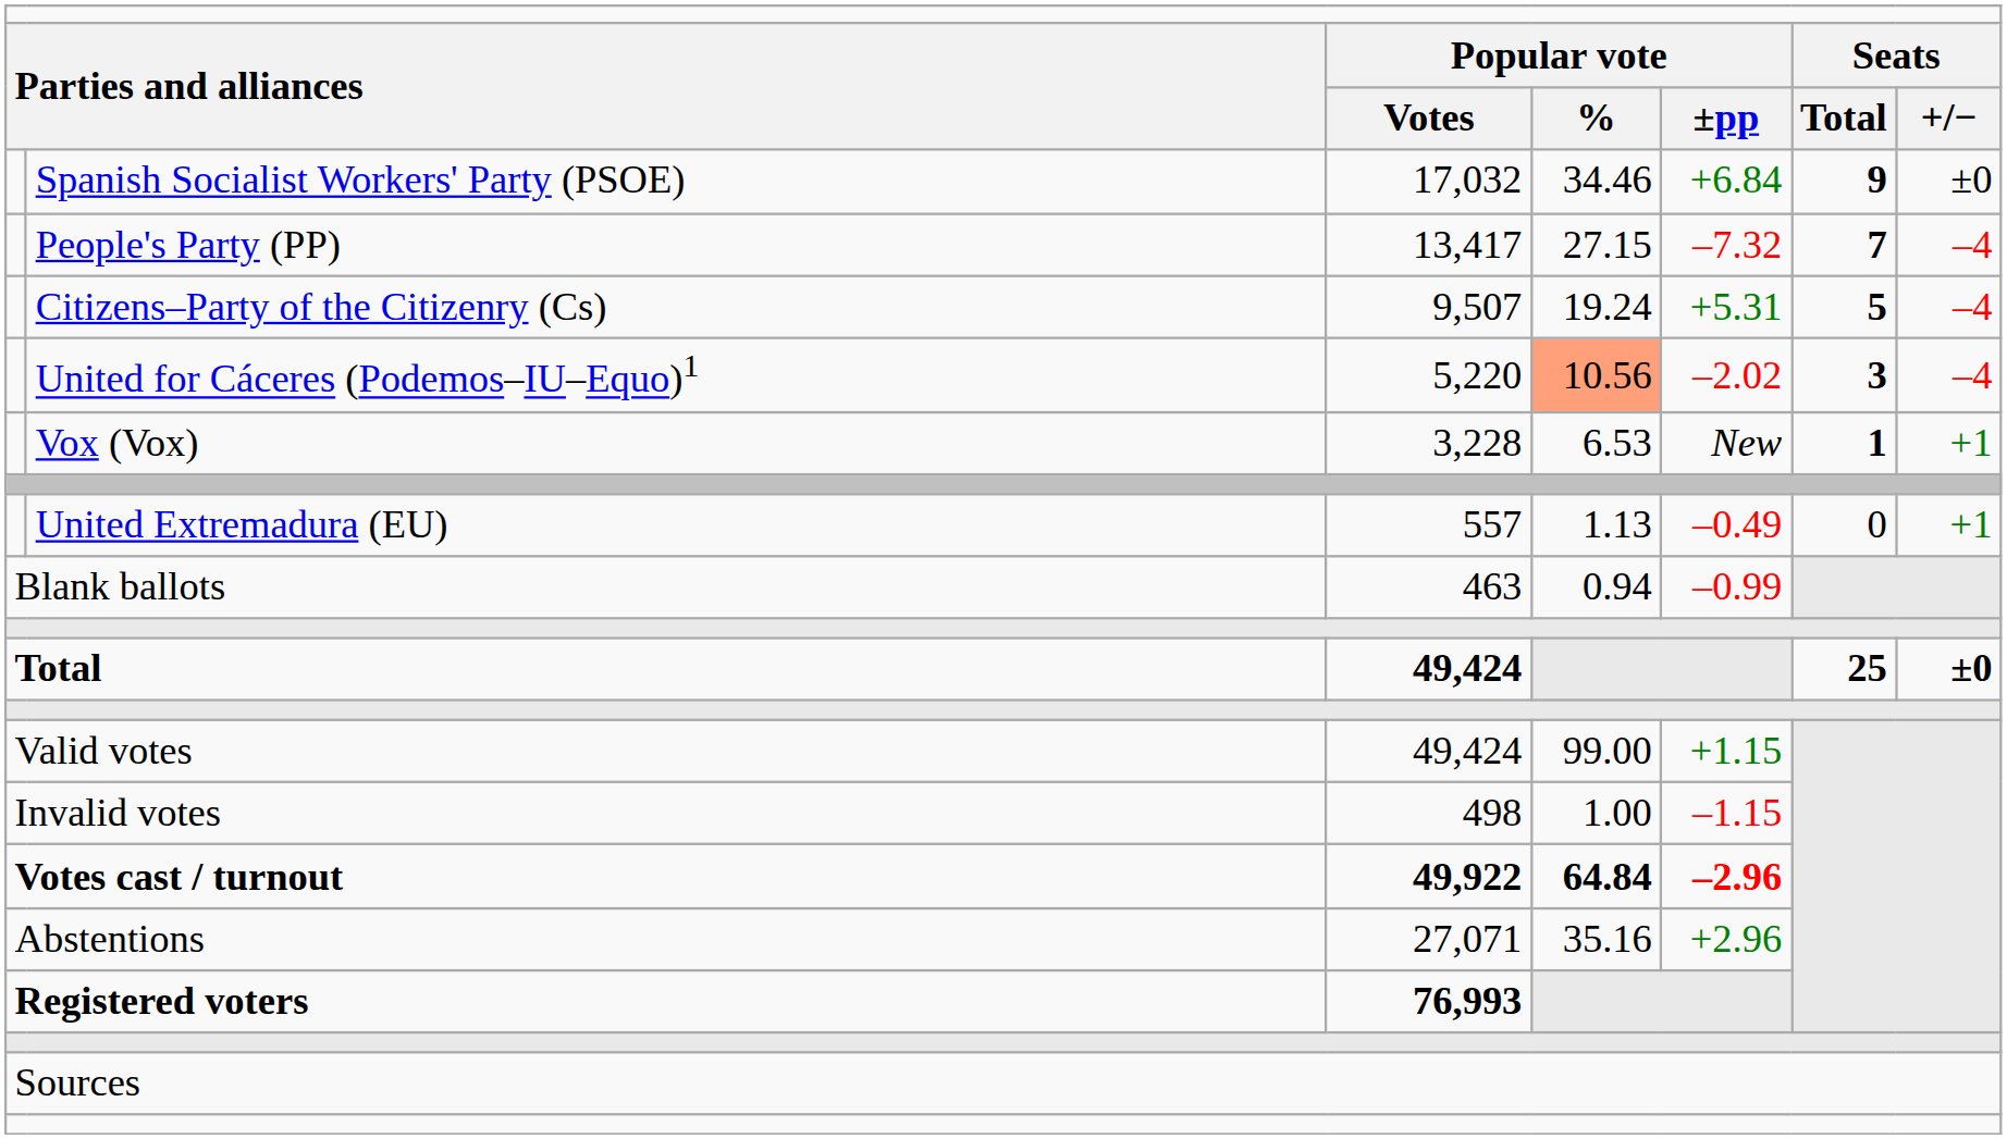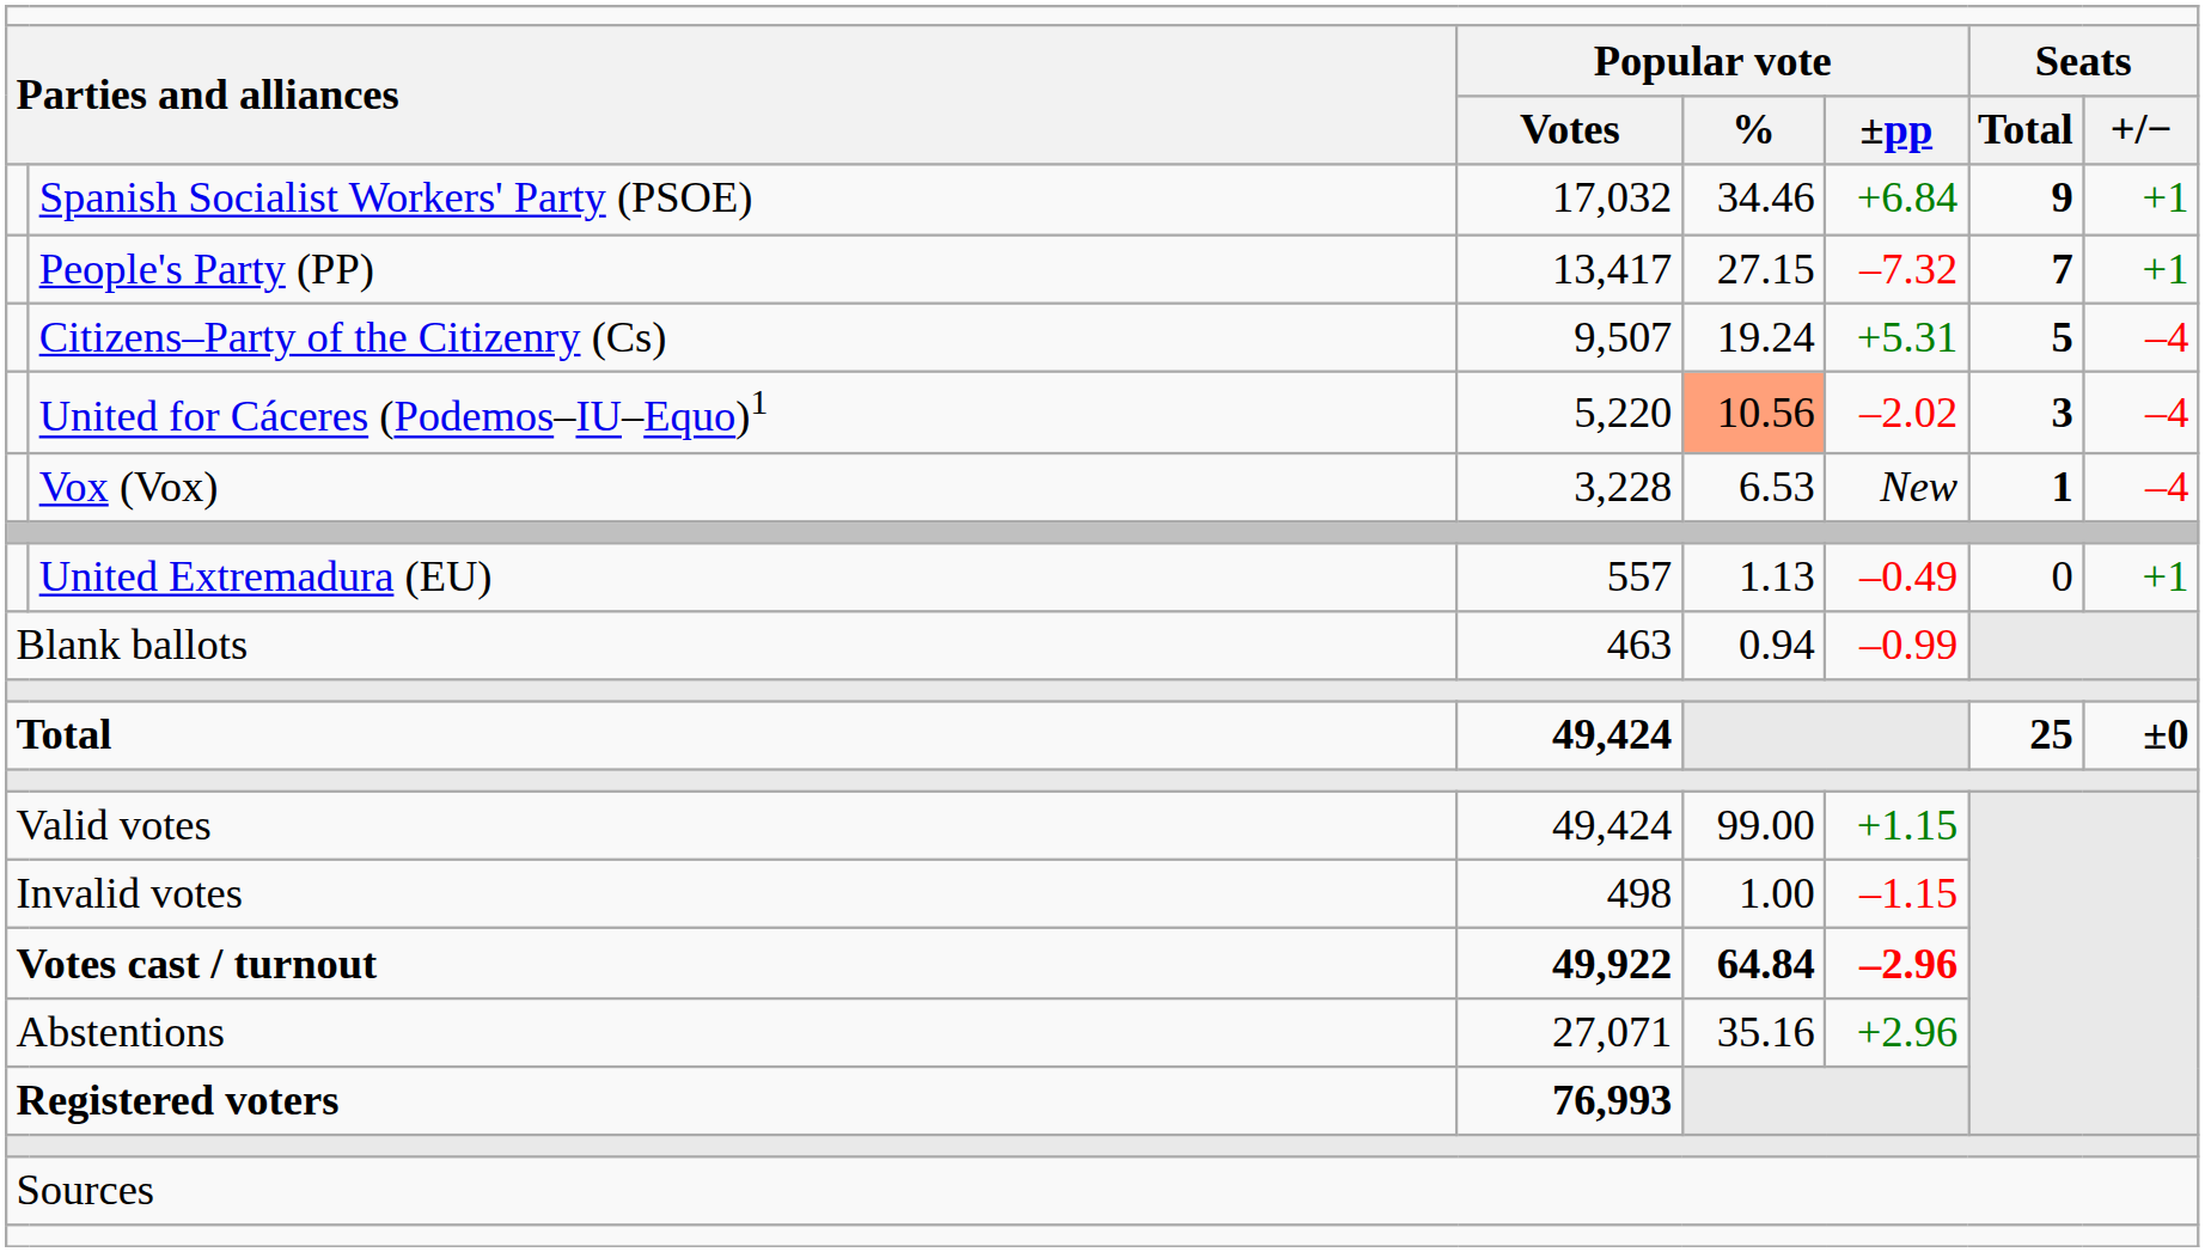 <table class="wikitable" style="text-align:right;">
 <tr>
 <td colspan="7"></td>
 </tr>
 <tr>
 <th style="text-align:left;" rowspan="2" colspan="2" width="525">Parties and alliances</th>
 <th colspan="3">Popular vote</th>
 <th colspan="2">Seats</th>
 </tr>
 <tr>
 <th width="75">Votes</th>
 <th width="45">%</th>
 <th width="45">±<a href='#'>pp</a></th>
 <th width="35">Total</th>
 <th width="35">+/−</th>
 </tr>
 <tr>
 <td width="1" style="color:inherit;background:"></td>
 <td align="left"><a href='#'>Spanish Socialist Workers' Party</a> (PSOE)</td>
 <td>17,032</td>
 <td>34.46</td>
 <td style="color:green;">+6.84</td>
 <td><strong>9</strong></td>
-<td>±0</td>
+<td style="color:green;">+1</td>
 </tr>
 <tr>
 <td style="color:inherit;background:"></td>
 <td align="left"><a href='#'>People's Party</a> (PP)</td>
 <td>13,417</td>
 <td>27.15</td>
 <td style="color:red;">–7.32</td>
 <td><strong>7</strong></td>
-<td style="color:red;">–4</td>
+<td style="color:green;">+1</td>
 </tr>
 <tr>
 <td style="color:inherit;background:"></td>
 <td align="left"><a href='#'>Citizens–Party of the Citizenry</a> (Cs)</td>
 <td>9,507</td>
 <td>19.24</td>
 <td style="color:green;">+5.31</td>
 <td><strong>5</strong></td>
 <td style="color:red;">–4</td>
 </tr>
 <tr>
 <td style="color:inherit;background:"></td>
 <td align="left"><a href='#'>United for Cáceres</a> (<a href='#'>Podemos</a>–<a href='#'>IU</a>–<a href='#'>Equo</a>)<sup>1</sup></td>
 <td>5,220</td>
 <td style="background: lightsalmon;">10.56</td>
 <td style="color:red;">–2.02</td>
 <td><strong>3</strong></td>
 <td style="color:red;">–4</td>
 </tr>
 <tr>
 <td style="color:inherit;background:"></td>
 <td align="left"><a href='#'>Vox</a> (Vox)</td>
 <td>3,228</td>
 <td>6.53</td>
 <td><em>New</em></td>
 <td><strong>1</strong></td>
-<td style="color:green;">+1</td>
+<td style="color:red;">–4</td>
 </tr>
 <tr>
 <td colspan="7" bgcolor="#C0C0C0"></td>
 </tr>
 <tr>
 <td style="color:inherit;background:"></td>
 <td align="left"><a href='#'>United Extremadura</a> (EU)</td>
 <td>557</td>
 <td>1.13</td>
 <td style="color:red;">–0.49</td>
 <td>0</td>
 <td style="color:green;">+1</td>
 </tr>
 <tr>
 <td align="left" colspan="2">Blank ballots</td>
 <td>463</td>
 <td>0.94</td>
 <td style="color:red;">–0.99</td>
 <td bgcolor="#E9E9E9" colspan="2"></td>
 </tr>
 <tr>
 <td colspan="7" bgcolor="#E9E9E9"></td>
 </tr>
 <tr style="font-weight:bold;">
 <td align="left" colspan="2">Total</td>
 <td>49,424</td>
 <td bgcolor="#E9E9E9" colspan="2"></td>
 <td>25</td>
 <td>±0</td>
 </tr>
 <tr>
 <td colspan="7" bgcolor="#E9E9E9"></td>
 </tr>
 <tr>
 <td align="left" colspan="2">Valid votes</td>
 <td>49,424</td>
 <td>99.00</td>
 <td style="color:green;">+1.15</td>
 <td bgcolor="#E9E9E9" colspan="2" rowspan="5"></td>
 </tr>
 <tr>
 <td align="left" colspan="2">Invalid votes</td>
 <td>498</td>
 <td>1.00</td>
 <td style="color:red;">–1.15</td>
 </tr>
 <tr style="font-weight:bold;">
 <td align="left" colspan="2">Votes cast / turnout</td>
 <td>49,922</td>
 <td>64.84</td>
 <td style="color:red;">–2.96</td>
 </tr>
 <tr>
 <td align="left" colspan="2">Abstentions</td>
 <td>27,071</td>
 <td>35.16</td>
 <td style="color:green;">+2.96</td>
 </tr>
 <tr style="font-weight:bold;">
 <td align="left" colspan="2">Registered voters</td>
 <td>76,993</td>
 <td bgcolor="#E9E9E9" colspan="2"></td>
 </tr>
 <tr>
 <td colspan="7" bgcolor="#E9E9E9"></td>
 </tr>
 <tr>
 <td align="left" colspan="7">Sources</td>
 </tr>
 <tr>
 <td colspan="7" style="text-align:left; max-width:790px;"></td>
 </tr>
 </table>
